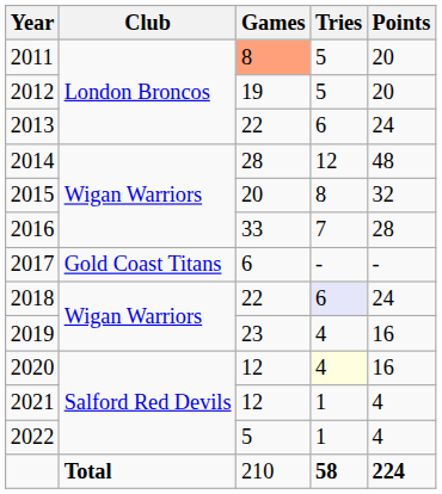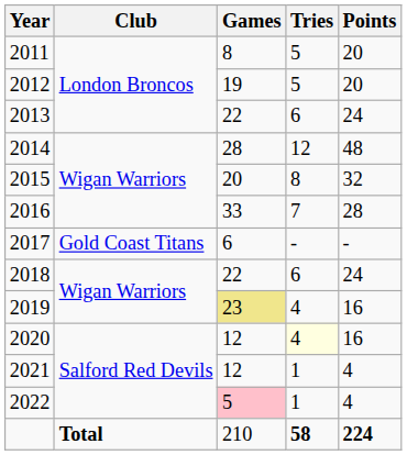 <table class="wikitable">
 <tr>
 <th>Year</th>
 <th>Club</th>
 <th>Games</th>
 <th>Tries</th>
 <th>Points</th>
 </tr>
 <tr>
 <td>2011</td>
 <td rowspan="3"> <a href='#'>London Broncos</a></td>
-<td style="background: lightsalmon;">8</td>
+<td>8</td>
 <td>5</td>
 <td>20</td>
 </tr>
 <tr>
 <td>2012</td>
 <td>19</td>
 <td>5</td>
 <td>20</td>
 </tr>
 <tr>
 <td>2013</td>
 <td>22</td>
 <td>6</td>
 <td>24</td>
 </tr>
 <tr>
 <td>2014</td>
 <td rowspan="3"> <a href='#'>Wigan Warriors</a></td>
 <td>28</td>
 <td>12</td>
 <td>48</td>
 </tr>
 <tr>
 <td>2015</td>
 <td>20</td>
 <td>8</td>
 <td>32</td>
 </tr>
 <tr>
 <td>2016</td>
 <td>33</td>
 <td>7</td>
 <td>28</td>
 </tr>
 <tr>
 <td>2017</td>
 <td> <a href='#'>Gold Coast Titans</a></td>
 <td>6</td>
 <td>-</td>
 <td>-</td>
 </tr>
 <tr>
 <td>2018</td>
 <td rowspan="2"> <a href='#'>Wigan Warriors</a></td>
 <td>22</td>
-<td style="background: lavender;">6</td>
+<td>6</td>
 <td>24</td>
 </tr>
 <tr>
 <td>2019</td>
-<td>23</td>
+<td style="background: khaki;">23</td>
 <td>4</td>
 <td>16</td>
 </tr>
 <tr>
 <td>2020</td>
 <td rowspan="3"> <a href='#'>Salford Red Devils</a></td>
 <td>12</td>
 <td style="background: lightyellow;">4</td>
 <td>16</td>
 </tr>
 <tr>
 <td>2021</td>
 <td>12</td>
 <td>1</td>
 <td>4</td>
 </tr>
 <tr>
 <td>2022</td>
-<td>5</td>
+<td style="background: pink;">5</td>
 <td>1</td>
 <td>4</td>
 </tr>
 <tr>
 <td></td>
 <td><strong>Total</strong></td>
 <td>210</td>
 <td><strong>58</strong></td>
 <td><strong>224</strong></td>
 </tr>
 </table>
